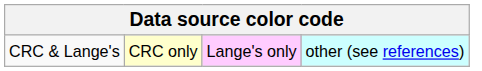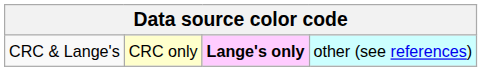 <table class="wikitable" align="center">
 <tr>
 <th colspan="4">Data source color code</th>
 </tr>
 <tr>
 <td><small>CRC & Lange's</small></td>
 <td bgcolor="#FFFFCC"><small>CRC only</small></td>
-<td bgcolor="#FFCCFF"><small>Lange's only</small></td>
+<td bgcolor="#FFCCFF"><strong><small>Lange's only</small></strong></td>
 <td bgcolor="#CCFFFF"><small>other (see <a href='#'>references</a>)</small></td>
 </tr>
 </table>
